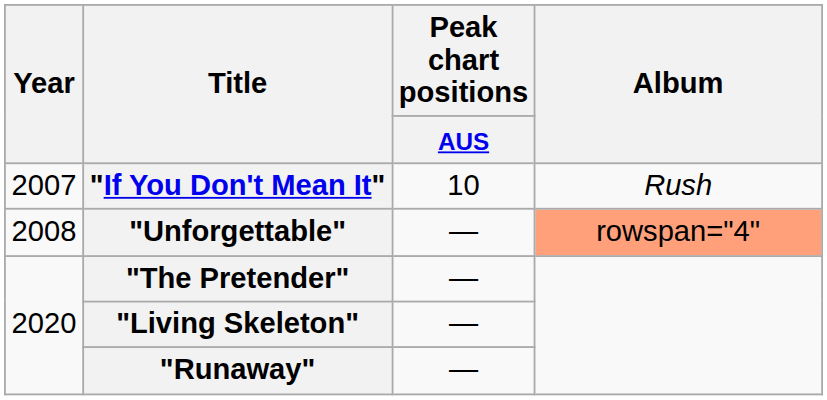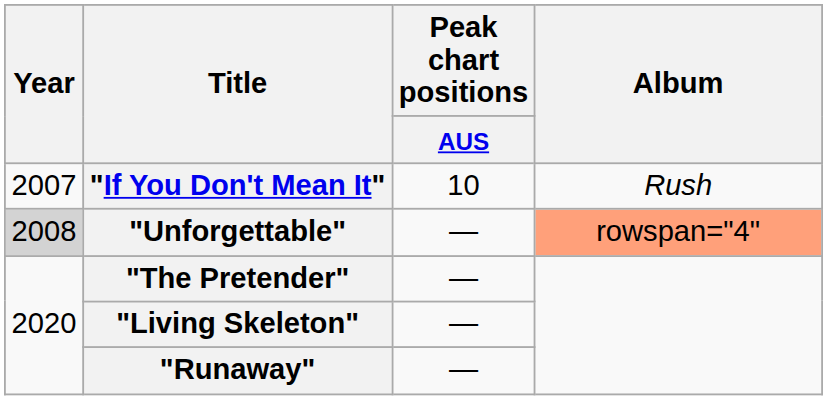 <table class="wikitable plainrowheaders" style="text-align:center;">
 <tr>
 <th rowspan="2">Year</th>
 <th rowspan="2">Title</th>
 <th colspan="1">Peak chart positions</th>
 <th rowspan="2" style="width:150px;">Album</th>
 </tr>
 <tr>
 <th style="width:40px;"><small><a href='#'>AUS</a></small><br></th>
 </tr>
 <tr>
 <td>2007</td>
 <th scope="row">"<a href='#'>If You Don't Mean It</a>"</th>
 <td>10</td>
 <td><em>Rush</em></td>
 </tr>
 <tr>
-<td>2008</td>
+<td style="background: lightgrey;">2008</td>
 <th scope="row">"Unforgettable" </th>
 <td>—</td>
 <td style="background: lightsalmon;">rowspan="4" </td>
 </tr>
 <tr>
 <td rowspan="3">2020</td>
 <th scope="row">"The Pretender"</th>
 <td>—</td>
 </tr>
 <tr>
 <th scope="row">"Living Skeleton"</th>
 <td>—</td>
 </tr>
 <tr>
 <th scope="row">"Runaway"</th>
 <td>—</td>
 </tr>
 </table>
